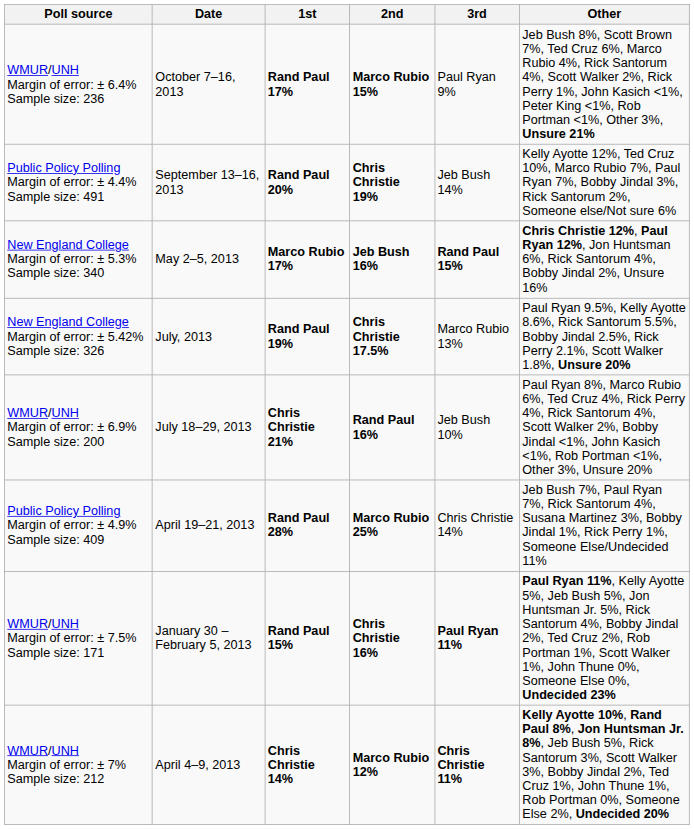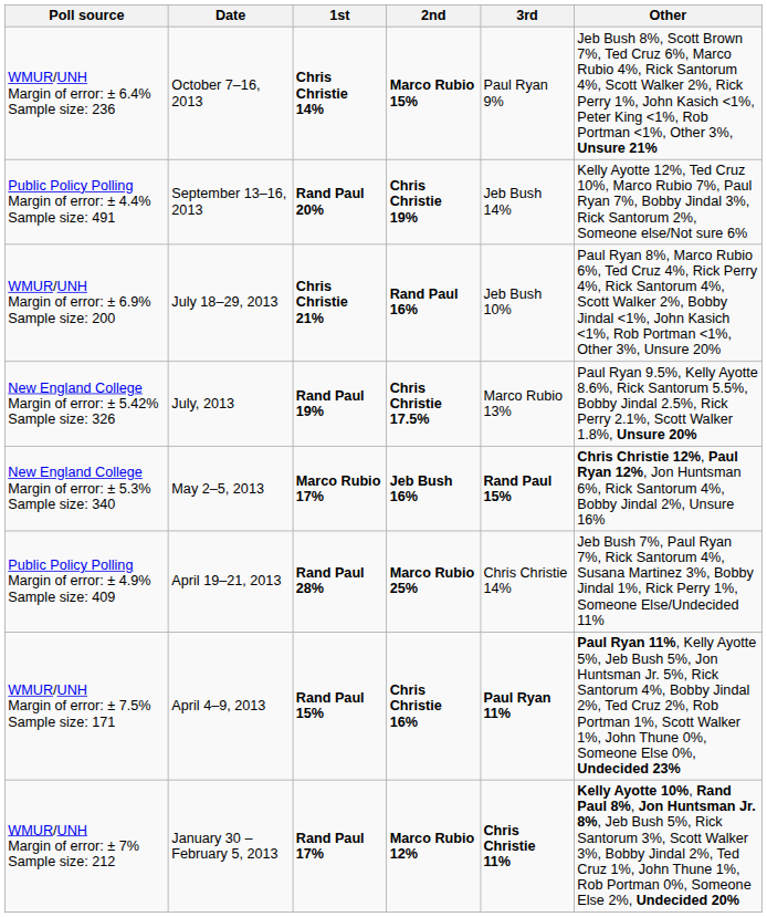 <table class="wikitable">
 <tr>
 <th style="width:180px;">Poll source</th>
 <th style="width:135px;">Date</th>
 <th style="width:100px;">1st</th>
 <th style="width:100px;">2nd</th>
 <th style="width:100px;">3rd</th>
 <th>Other</th>
 </tr>
 <tr>
 <td><a href='#'>WMUR</a>/<a href='#'>UNH</a><br>Margin of error: ± 6.4% <br>Sample size: 236</td>
 <td>October 7–16, 2013</td>
-<td><strong>Rand Paul<br>17%</strong></td>
+<td><strong>Chris Christie<br>14%</strong></td>
 <td><strong>Marco Rubio<br>15%</strong></td>
 <td>Paul Ryan<br>9%</td>
 <td>Jeb Bush 8%, Scott Brown 7%, Ted Cruz 6%, Marco Rubio 4%, Rick Santorum 4%, Scott Walker 2%, Rick Perry 1%, John Kasich <1%, Peter King <1%, Rob Portman <1%, Other 3%, <span><strong>Unsure 21%</strong></span></td>
 </tr>
 <tr>
 <td><a href='#'>Public Policy Polling</a><br>Margin of error: ± 4.4% <br>Sample size: 491</td>
 <td>September 13–16, 2013</td>
 <td><strong>Rand Paul<br>20%</strong></td>
 <td><strong>Chris Christie<br>19%</strong></td>
 <td>Jeb Bush<br>14%</td>
 <td>Kelly Ayotte 12%, Ted Cruz 10%, Marco Rubio 7%, Paul Ryan 7%, Bobby Jindal 3%, Rick Santorum 2%, Someone else/Not sure 6%</td>
 </tr>
 <tr>
-<td><a href='#'>New England College</a><br>Margin of error: ± 5.3% <br>Sample size: 340</td>
-<td>May 2–5, 2013</td>
-<td><strong>Marco Rubio<br>17%</strong></td>
-<td><strong>Jeb Bush<br>16%</strong></td>
-<td><strong>Rand Paul<br>15%</strong></td>
-<td><span><strong>Chris Christie 12%</strong></span>, <span><strong>Paul Ryan 12%</strong></span>, Jon Huntsman 6%, Rick Santorum 4%, Bobby Jindal 2%, Unsure 16%</td>
+<td><a href='#'>WMUR</a>/<a href='#'>UNH</a><br>Margin of error: ± 6.9% <br>Sample size: 200</td>
+<td>July 18–29, 2013</td>
+<td><strong>Chris Christie<br>21%</strong></td>
+<td><strong>Rand Paul<br>16%</strong></td>
+<td>Jeb Bush<br>10%</td>
+<td>Paul Ryan 8%, Marco Rubio 6%, Ted Cruz 4%, Rick Perry 4%, Rick Santorum 4%, Scott Walker 2%, Bobby Jindal <1%, John Kasich <1%, Rob Portman <1%, Other 3%, Unsure 20%</td>
 </tr>
 <tr>
 <td><a href='#'>New England College</a><br>Margin of error: ± 5.42% <br>Sample size: 326</td>
 <td>July, 2013</td>
 <td><strong>Rand Paul<br>19%</strong></td>
 <td><strong>Chris Christie<br>17.5%</strong></td>
 <td>Marco Rubio<br>13%</td>
 <td>Paul Ryan 9.5%, Kelly Ayotte 8.6%, Rick Santorum 5.5%, Bobby Jindal 2.5%, Rick Perry 2.1%, Scott Walker 1.8%, <span><strong>Unsure 20%</strong></span></td>
 </tr>
 <tr>
-<td><a href='#'>WMUR</a>/<a href='#'>UNH</a><br>Margin of error: ± 6.9% <br>Sample size: 200</td>
-<td>July 18–29, 2013</td>
-<td><strong>Chris Christie<br>21%</strong></td>
-<td><strong>Rand Paul<br>16%</strong></td>
-<td>Jeb Bush<br>10%</td>
-<td>Paul Ryan 8%, Marco Rubio 6%, Ted Cruz 4%, Rick Perry 4%, Rick Santorum 4%, Scott Walker 2%, Bobby Jindal <1%, John Kasich <1%, Rob Portman <1%, Other 3%, Unsure 20%</td>
+<td><a href='#'>New England College</a><br>Margin of error: ± 5.3% <br>Sample size: 340</td>
+<td>May 2–5, 2013</td>
+<td><strong>Marco Rubio<br>17%</strong></td>
+<td><strong>Jeb Bush<br>16%</strong></td>
+<td><strong>Rand Paul<br>15%</strong></td>
+<td><span><strong>Chris Christie 12%</strong></span>, <span><strong>Paul Ryan 12%</strong></span>, Jon Huntsman 6%, Rick Santorum 4%, Bobby Jindal 2%, Unsure 16%</td>
 </tr>
 <tr>
 <td><a href='#'>Public Policy Polling</a><br>Margin of error: ± 4.9% <br>Sample size: 409</td>
 <td>April 19–21, 2013</td>
 <td><strong>Rand Paul<br>28%</strong></td>
 <td><strong>Marco Rubio<br>25%</strong></td>
 <td>Chris Christie<br>14%</td>
 <td>Jeb Bush 7%, Paul Ryan 7%, Rick Santorum 4%, Susana Martinez 3%, Bobby Jindal 1%, Rick Perry 1%, Someone Else/Undecided 11%</td>
 </tr>
 <tr>
 <td><a href='#'>WMUR</a>/<a href='#'>UNH</a><br>Margin of error: ± 7.5% <br>Sample size: 171</td>
-<td>January 30 – February 5, 2013</td>
+<td>April 4–9, 2013</td>
 <td><strong>Rand Paul<br>15%</strong></td>
 <td><strong>Chris Christie<br>16%</strong></td>
 <td><strong>Paul Ryan<br>11%</strong></td>
 <td><span><strong>Paul Ryan 11%</strong></span>, Kelly Ayotte 5%, Jeb Bush 5%, Jon Huntsman Jr. 5%, Rick Santorum 4%, Bobby Jindal 2%, Ted Cruz 2%, Rob Portman 1%, Scott Walker 1%, John Thune 0%, Someone Else 0%, <span><strong>Undecided 23%</strong></span></td>
 </tr>
 <tr>
 <td><a href='#'>WMUR</a>/<a href='#'>UNH</a><br>Margin of error: ± 7% <br>Sample size: 212</td>
-<td>April 4–9, 2013</td>
-<td><strong>Chris Christie<br>14%</strong></td>
+<td>January 30 – February 5, 2013</td>
+<td><strong>Rand Paul<br>17%</strong></td>
 <td><strong>Marco Rubio<br>12%</strong></td>
 <td><strong>Chris Christie<br>11%</strong></td>
 <td><span><strong>Kelly Ayotte 10%</strong></span>, <span><strong>Rand Paul 8%</strong></span>, <span><strong>Jon Huntsman Jr. 8%</strong></span>, Jeb Bush 5%, Rick Santorum 3%, Scott Walker 3%, Bobby Jindal 2%, Ted Cruz 1%, John Thune 1%, Rob Portman 0%, Someone Else 2%, <span><strong>Undecided 20%</strong></span></td>
 </tr>
 </table>
